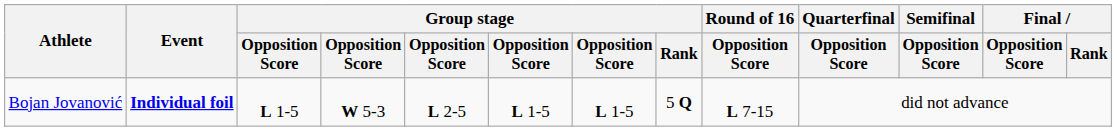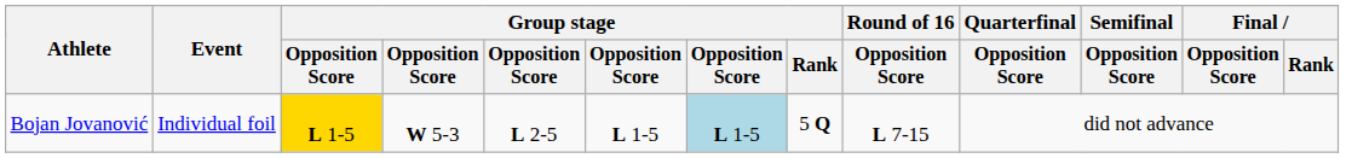 <table class=wikitable style="font-size:90%">
 <tr>
 <th rowspan=2>Athlete</th>
 <th rowspan=2>Event</th>
 <th colspan=6>Group stage</th>
 <th>Round of 16</th>
 <th>Quarterfinal</th>
 <th>Semifinal</th>
 <th colspan=2>Final / </th>
 </tr>
 <tr style="font-size:95%">
 <th>Opposition<br>Score</th>
 <th>Opposition<br>Score</th>
 <th>Opposition<br>Score</th>
 <th>Opposition<br>Score</th>
 <th>Opposition<br>Score</th>
 <th>Rank</th>
 <th>Opposition<br>Score</th>
 <th>Opposition<br>Score</th>
 <th>Opposition<br>Score</th>
 <th>Opposition<br>Score</th>
 <th>Rank</th>
 </tr>
 <tr align=center>
 <td align=left><a href='#'>Bojan Jovanović</a></td>
-<td align=left><strong><a href='#'>Individual foil</a></strong></td>
-<td><br><strong>L</strong> 1-5</td>
+<td align=left><a href='#'>Individual foil</a></td>
+<td style="background: gold;"><br><strong>L</strong> 1-5</td>
 <td><br><strong>W</strong> 5-3</td>
 <td><br><strong>L</strong> 2-5</td>
 <td><br><strong>L</strong> 1-5</td>
-<td><br><strong>L</strong> 1-5</td>
+<td style="background: lightblue;"><br><strong>L</strong> 1-5</td>
 <td>5 <strong>Q</strong></td>
 <td><br><strong>L</strong> 7-15</td>
 <td colspan=4>did not advance</td>
 </tr>
 </table>
